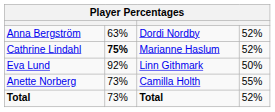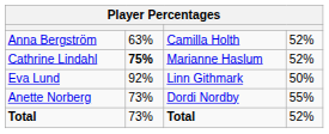 <table class="wikitable">
 <tr>
 <th colspan=4 width=400>Player Percentages</th>
 </tr>
 <tr>
 <th colspan=2 width=200></th>
 <th colspan=2 width=200></th>
 </tr>
 <tr>
 <td><a href='#'>Anna Bergström</a></td>
 <td>63%</td>
-<td><a href='#'>Dordi Nordby</a></td>
+<td><a href='#'>Camilla Holth</a></td>
 <td>52%</td>
 </tr>
 <tr>
 <td><a href='#'>Cathrine Lindahl</a></td>
 <td><strong>75%</strong></td>
 <td><a href='#'>Marianne Haslum</a></td>
 <td>52%</td>
 </tr>
 <tr>
 <td><a href='#'>Eva Lund</a></td>
 <td>92%</td>
 <td><a href='#'>Linn Githmark</a></td>
 <td>50%</td>
 </tr>
 <tr>
 <td><a href='#'>Anette Norberg</a></td>
 <td>73%</td>
-<td><a href='#'>Camilla Holth</a></td>
+<td><a href='#'>Dordi Nordby</a></td>
 <td>55%</td>
 </tr>
 <tr>
 <td><strong>Total</strong></td>
 <td>73%</td>
 <td><strong>Total</strong></td>
 <td>52%</td>
 </tr>
 </table>
